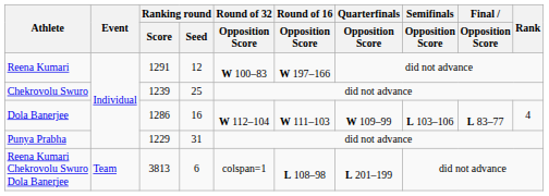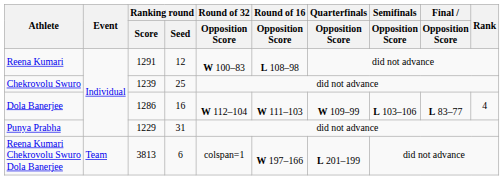 <table class="wikitable" style="text-align:center; font-size:90%">
 <tr>
 <th rowspan=2>Athlete</th>
 <th rowspan=2>Event</th>
 <th colspan=2>Ranking round</th>
 <th>Round of 32</th>
 <th>Round of 16</th>
 <th>Quarterfinals</th>
 <th>Semifinals</th>
 <th>Final / </th>
 <th rowspan=2>Rank</th>
 </tr>
 <tr>
 <th>Score</th>
 <th>Seed</th>
 <th>Opposition<br>Score</th>
 <th>Opposition<br>Score</th>
 <th>Opposition<br>Score</th>
 <th>Opposition<br>Score</th>
 <th>Opposition<br>Score</th>
 </tr>
 <tr>
 <td style="text-align:left"><a href='#'>Reena Kumari</a></td>
 <td style="text-align:left" rowspan=4><a href='#'>Individual</a></td>
 <td>1291</td>
 <td>12</td>
 <td><br><strong>W</strong> 100–83</td>
-<td><br><strong>W</strong> 197–166</td>
+<td><br><strong>L</strong> 108–98</td>
 <td colspan=4>did not advance</td>
 </tr>
 <tr>
 <td style="text-align:left"><a href='#'>Chekrovolu Swuro</a></td>
 <td>1239</td>
 <td>25</td>
 <td colspan=6>did not advance</td>
 </tr>
 <tr>
 <td style="text-align:left"><a href='#'>Dola Banerjee</a></td>
 <td>1286</td>
 <td>16</td>
 <td><br><strong>W</strong> 112–104</td>
 <td><br><strong>W</strong> 111–103</td>
 <td><br><strong>W</strong> 109–99</td>
 <td><br><strong>L</strong> 103–106</td>
 <td><br><strong>L</strong> 83–77</td>
 <td colspan=2>4</td>
 </tr>
 <tr>
 <td style="text-align:left"><a href='#'>Punya Prabha</a></td>
 <td>1229</td>
 <td>31</td>
 <td colspan=6>did not advance</td>
 </tr>
 <tr>
 <td style="text-align:left"><a href='#'>Reena Kumari</a><br><a href='#'>Chekrovolu Swuro</a><br><a href='#'>Dola Banerjee</a></td>
 <td style="text-align:left"><a href='#'>Team</a></td>
 <td>3813</td>
 <td>6</td>
 <td>colspan=1 </td>
-<td><br><strong>L</strong> 108–98</td>
+<td><br><strong>W</strong> 197–166</td>
 <td><br><strong>L</strong> 201–199</td>
 <td colspan=3>did not advance</td>
 </tr>
 </table>
